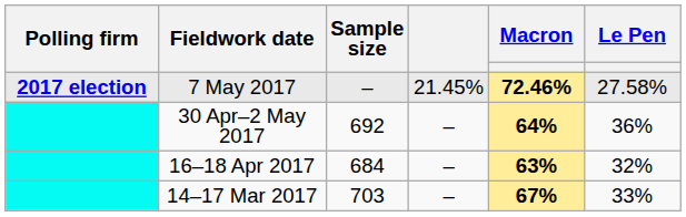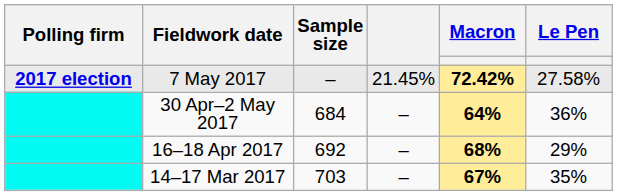 <table class="wikitable sortable" style="text-align:center;font-size:90%;line-height:14px;">
 <tr style="height:40px;">
 <th style="width:100px;" rowspan="2">Polling firm</th>
 <th style="width:110px;" rowspan="2">Fieldwork date</th>
 <th style="width:35px;" rowspan="2">Sample<br>size</th>
 <th style="width:30px;" rowspan="2"></th>
 <th class="unsortable" style="width:60px;"><a href='#'>Macron</a><br></th>
 <th class="unsortable" style="width:60px;"><a href='#'>Le Pen</a><br></th>
 </tr>
 <tr>
 <th style="background:"></th>
 <th style="background:"></th>
 </tr>
 <tr style="background:#E9E9E9;">
 <td><strong><a href='#'>2017 election</a></strong></td>
 <td data-sort-value="2017-05-07">7 May 2017</td>
 <td>–</td>
 <td>21.45%</td>
-<td style="background:#FFED99;"><strong>72.46%</strong></td>
+<td style="background:#FFED99;"><strong>72.42%</strong></td>
 <td>27.58%</td>
 </tr>
 <tr>
 <td style="background:#04FBF4;"></td>
 <td data-sort-value="2017-05-02">30 Apr–2 May 2017</td>
-<td>692</td>
+<td>684</td>
 <td>–</td>
 <td style="background:#FFED99;"><strong>64%</strong></td>
 <td>36%</td>
 </tr>
 <tr>
 <td style="background:#04FBF4;"></td>
 <td data-sort-value="2017-04-18">16–18 Apr 2017</td>
-<td>684</td>
+<td>692</td>
 <td>–</td>
-<td style="background:#FFED99;"><strong>63%</strong></td>
-<td>32%</td>
+<td style="background:#FFED99;"><strong>68%</strong></td>
+<td>29%</td>
 </tr>
 <tr>
 <td style="background:#04FBF4;"></td>
 <td data-sort-value="2017-03-17">14–17 Mar 2017</td>
 <td>703</td>
 <td>–</td>
 <td style="background:#FFED99;"><strong>67%</strong></td>
-<td>33%</td>
+<td>35%</td>
 </tr>
 </table>
